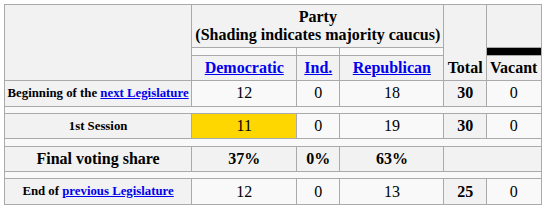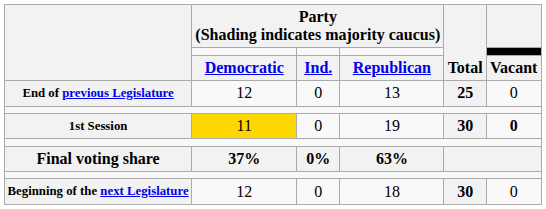 <table class=wikitable style="text-align:center">
 <tr style="vertical-align:bottom;">
 <th rowspan=3></th>
 <th colspan=3>Party <div>(Shading indicates majority caucus)</div></th>
 <th rowspan=3>Total</th>
 <th></th>
 </tr>
 <tr style="height:5px">
 <td style="background-color:"></td>
 <td style="background-color:"></td>
 <td style="background-color:"></td>
 <td style="background:black;"></td>
 </tr>
 <tr>
 <th><a href='#'>Democratic</a></th>
 <th><a href='#'>Ind.</a></th>
 <th><a href='#'>Republican</a></th>
 <th>Vacant</th>
 </tr>
 <tr>
-<th style="font-size:80%;">Beginning of the <a href='#'>next Legislature</a></th>
+<th style="font-size:80%;">End of <a href='#'>previous Legislature</a></th>
 <td>12</td>
 <td>0</td>
-<td>18</td>
-<th>30</th>
+<td>13</td>
+<th>25</th>
 <td>0</td>
 </tr>
 <tr>
 <td colspan=6></td>
 </tr>
 <tr>
 <th style="font-size:80%;">1st Session</th>
 <td style="background: gold;">11</td>
 <td>0</td>
 <td>19</td>
 <th>30</th>
-<td>0</td>
+<td><strong>0</strong></td>
 </tr>
 <tr>
 <td colspan=6></td>
 </tr>
 <tr>
 <th>Final voting share</th>
 <th>37%</th>
 <th>0%</th>
 <th>63%</th>
 <th colspan=2></th>
 </tr>
 <tr>
 <td colspan=6></td>
 </tr>
 <tr>
-<th style="font-size:80%;">End of <a href='#'>previous Legislature</a></th>
+<th style="font-size:80%;">Beginning of the <a href='#'>next Legislature</a></th>
 <td>12</td>
 <td>0</td>
-<td>13</td>
-<th>25</th>
+<td>18</td>
+<th>30</th>
 <td>0</td>
 </tr>
 </table>
